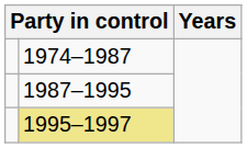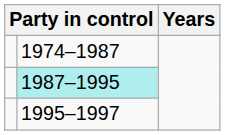 <table class="wikitable">
 <tr>
 <th colspan="2">Party in control</th>
 <th>Years</th>
 </tr>
 <tr>
 <td></td>
 <td>1974–1987</td>
 </tr>
 <tr>
 <td></td>
-<td>1987–1995</td>
+<td style="background: paleturquoise;">1987–1995</td>
 </tr>
 <tr>
 <td></td>
-<td style="background: khaki;">1995–1997</td>
+<td>1995–1997</td>
 </tr>
 </table>
